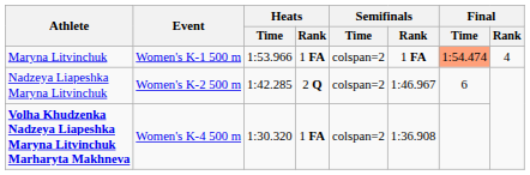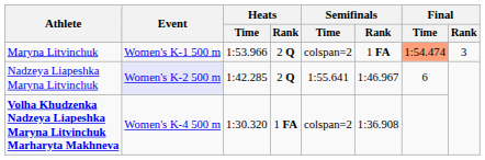 <table class=wikitable style="font-size:90%">
 <tr>
 <th rowspan="2">Athlete</th>
 <th rowspan="2">Event</th>
 <th colspan=2>Heats</th>
 <th colspan=2>Semifinals</th>
 <th colspan=2>Final</th>
 </tr>
 <tr style="font-size:95%">
 <th>Time</th>
 <th>Rank</th>
 <th>Time</th>
 <th>Rank</th>
 <th>Time</th>
 <th>Rank</th>
 </tr>
 <tr align=center>
 <td align=left><a href='#'>Maryna Litvinchuk</a></td>
 <td align=left><a href='#'>Women's K-1 500 m</a></td>
 <td>1:53.966</td>
-<td>1 <strong>FA</strong></td>
+<td>2 <strong>Q</strong></td>
 <td>colspan=2 </td>
 <td>1 <strong>FA</strong></td>
 <td style="background: lightsalmon;">1:54.474</td>
-<td>4</td>
+<td>3</td>
 </tr>
 <tr align=center>
 <td align=left><a href='#'>Nadzeya Liapeshka</a><br><a href='#'>Maryna Litvinchuk</a></td>
-<td align=left><a href='#'>Women's K-2 500 m</a></td>
+<td align=left style="background: lavender;"><a href='#'>Women's K-2 500 m</a></td>
 <td>1:42.285</td>
 <td>2 <strong>Q</strong></td>
-<td>colspan=2 </td>
+<td>1:55.641</td>
 <td>1:46.967</td>
 <td>6</td>
 </tr>
 <tr align=center>
 <td align=left><strong><a href='#'>Volha Khudzenka</a><br><a href='#'>Nadzeya Liapeshka</a><br><a href='#'>Maryna Litvinchuk</a><br><a href='#'>Marharyta Makhneva</a></strong></td>
 <td align=left><a href='#'>Women's K-4 500 m</a></td>
 <td>1:30.320</td>
 <td>1 <strong>FA</strong></td>
 <td>colspan=2 </td>
 <td>1:36.908</td>
 <td></td>
 </tr>
 </table>
